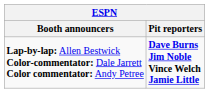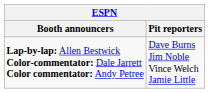 <table class="wikitable" style="font-size: 95%;">
 <tr>
 <th colspan="2"><a href='#'>ESPN</a></th>
 </tr>
 <tr>
 <th>Booth announcers</th>
 <th>Pit reporters</th>
 </tr>
 <tr>
 <td><strong>Lap-by-lap:</strong> <a href='#'>Allen Bestwick</a><br><strong>Color-commentator:</strong> <a href='#'>Dale Jarrett</a><br><strong>Color commentator:</strong> <a href='#'>Andy Petree</a></td>
-<td><strong><a href='#'>Dave Burns</a><br><a href='#'>Jim Noble</a><br>Vince Welch<br><a href='#'>Jamie Little</a></strong></td>
+<td><a href='#'>Dave Burns</a><br><a href='#'>Jim Noble</a><br>Vince Welch<br><a href='#'>Jamie Little</a></td>
 </tr>
 </table>
